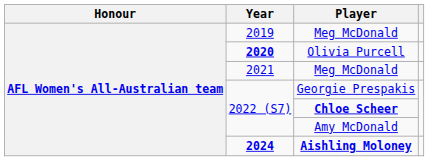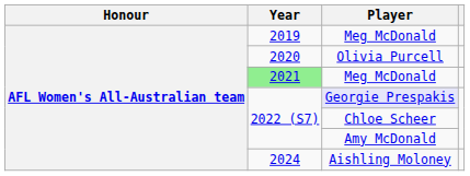 <table class="wikitable plainrowheaders sortable" style="text-align:center">
 <tr>
 <th scope="col">Honour</th>
 <th scope="col">Year</th>
 <th scope="col">Player</th>
 <th scope="col" class="unsortable"></th>
 </tr>
 <tr>
 <th scope="row" rowspan=7><a href='#'>AFL Women's All-Australian team</a></th>
 <td><a href='#'>2019</a></td>
 <td><a href='#'>Meg McDonald</a></td>
 <td></td>
 </tr>
 <tr>
-<td><strong><a href='#'>2020</a></strong></td>
+<td><a href='#'>2020</a></td>
 <td><a href='#'>Olivia Purcell</a></td>
 <td></td>
 </tr>
 <tr>
-<td><a href='#'>2021</a></td>
+<td style="background: lightgreen;"><a href='#'>2021</a></td>
 <td><a href='#'>Meg McDonald</a></td>
 <td></td>
 </tr>
 <tr>
 <td rowspan=3><a href='#'>2022 (S7)</a></td>
-<td><a href='#'>Georgie Prespakis</a></td>
+<td style="background: lavender;"><a href='#'>Georgie Prespakis</a></td>
 <td rowspan=3></td>
 </tr>
 <tr>
-<td><strong><a href='#'>Chloe Scheer</a></strong></td>
+<td><a href='#'>Chloe Scheer</a></td>
 </tr>
 <tr>
 <td><a href='#'>Amy McDonald</a></td>
 </tr>
 <tr>
-<td><strong><a href='#'>2024</a></strong></td>
-<td><strong><a href='#'>Aishling Moloney</a></strong></td>
+<td><a href='#'>2024</a></td>
+<td><a href='#'>Aishling Moloney</a></td>
 <td></td>
 </tr>
 </table>
